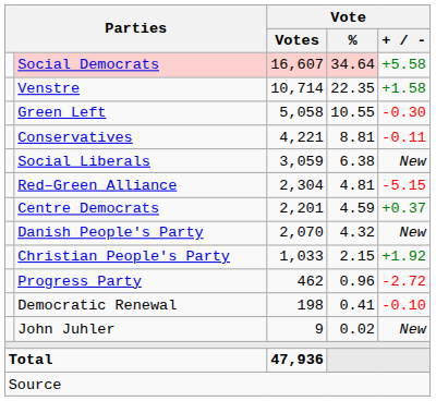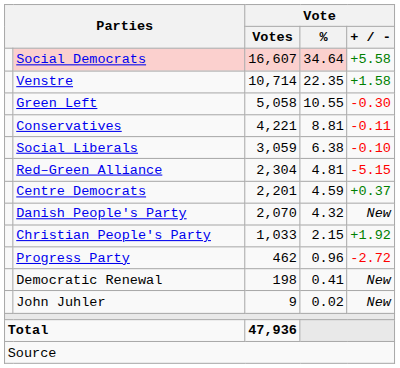 <table class="wikitable" style="text-align:right;">
 <tr>
 <th style="text-align:centre;" rowspan="2" colspan="2" width="225">Parties</th>
 <th colspan="3">Vote</th>
 </tr>
 <tr>
 <th width="15">Votes</th>
 <th width="15">%</th>
 <th width="15">+ / -</th>
 </tr>
 <tr>
 <td width="2" style="color:inherit;background:"></td>
 <td bgcolor=#fbd0ce  align="left"><a href='#'>Social Democrats</a></td>
 <td bgcolor=#fbd0ce>16,607</td>
 <td bgcolor=#fbd0ce>34.64</td>
 <td style=color:green;>+5.58</td>
 </tr>
 <tr>
 <td width="2" style="color:inherit;background:"></td>
 <td align="left"><a href='#'>Venstre</a></td>
 <td>10,714</td>
 <td>22.35</td>
 <td style=color:green;>+1.58</td>
 </tr>
 <tr>
 <td width="2" style="color:inherit;background:"></td>
 <td align="left"><a href='#'>Green Left</a></td>
 <td>5,058</td>
 <td>10.55</td>
 <td style=color:red;>-0.30</td>
 </tr>
 <tr>
 <td width="2" style="color:inherit;background:"></td>
 <td align="left"><a href='#'>Conservatives</a></td>
 <td>4,221</td>
 <td>8.81</td>
 <td style=color:red;>-0.11</td>
 </tr>
 <tr>
 <td width="2" style="color:inherit;background:"></td>
 <td align="left"><a href='#'>Social Liberals</a></td>
 <td>3,059</td>
 <td>6.38</td>
-<td><em>New</em></td>
+<td style=color:red;>-0.10</td>
 </tr>
 <tr>
 <td width="2" style="color:inherit;background:"></td>
 <td align="left"><a href='#'>Red–Green Alliance</a></td>
 <td>2,304</td>
 <td>4.81</td>
 <td style=color:red;>-5.15</td>
 </tr>
 <tr>
 <td width="2" style="color:inherit;background:"></td>
 <td align="left"><a href='#'>Centre Democrats</a></td>
 <td>2,201</td>
 <td>4.59</td>
 <td style=color:green;>+0.37</td>
 </tr>
 <tr>
 <td width="2" style="color:inherit;background:"></td>
 <td align="left"><a href='#'>Danish People's Party</a></td>
 <td>2,070</td>
 <td>4.32</td>
 <td><em>New</em></td>
 </tr>
 <tr>
 <td width="2" style="color:inherit;background:"></td>
 <td align="left"><a href='#'>Christian People's Party</a></td>
 <td>1,033</td>
 <td>2.15</td>
 <td style=color:green;>+1.92</td>
 </tr>
 <tr>
 <td width="2" style="color:inherit;background:"></td>
 <td align="left"><a href='#'>Progress Party</a></td>
 <td>462</td>
 <td>0.96</td>
 <td style=color:red;>-2.72</td>
 </tr>
 <tr>
 <td width="2" style="color:inherit;background:"></td>
 <td align="left">Democratic Renewal</td>
 <td>198</td>
 <td>0.41</td>
-<td style=color:red;>-0.10</td>
+<td><em>New</em></td>
 </tr>
 <tr>
 <td width="2" style="color:inherit;background:"></td>
 <td align="left">John Juhler</td>
 <td>9</td>
 <td>0.02</td>
 <td><em>New</em></td>
 </tr>
 <tr>
 <td colspan="7" bgcolor="#E9E9E9"></td>
 </tr>
 <tr>
 <td align="left" colspan="2"><strong>Total</strong></td>
 <td><strong>47,936</strong></td>
 <td bgcolor="#E9E9E9" colspan="2"></td>
 </tr>
 <tr>
 <td align="left" colspan="6">Source</td>
 </tr>
 </table>
